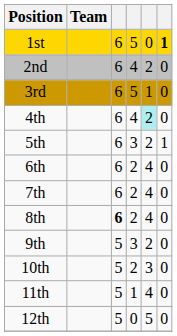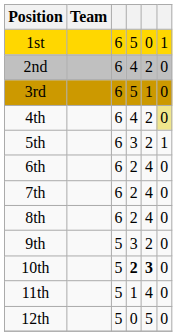 <table class="wikitable" style="text-align: center;">
 <tr>
 <th>Position</th>
 <th>Team</th>
 <th></th>
 <th></th>
 <th></th>
 <th></th>
 </tr>
 <tr bgcolor="gold">
 <td>1st</td>
 <td style="text-align:left;"></td>
 <td>6</td>
 <td>5</td>
 <td>0</td>
-<td><strong>1</strong></td>
+<td>1</td>
 </tr>
 <tr bgcolor="silver">
 <td>2nd</td>
 <td style="text-align:left;"></td>
 <td>6</td>
 <td>4</td>
 <td>2</td>
 <td>0</td>
 </tr>
 <tr bgcolor="cc9900">
 <td>3rd</td>
 <td style="text-align:left;"></td>
 <td>6</td>
 <td>5</td>
 <td>1</td>
 <td>0</td>
 </tr>
 <tr>
 <td>4th</td>
 <td style="text-align:left;"></td>
 <td>6</td>
 <td>4</td>
-<td style="background: paleturquoise;">2</td>
-<td>0</td>
+<td>2</td>
+<td style="background: khaki;">0</td>
 </tr>
 <tr>
 <td>5th</td>
 <td style="text-align:left;"></td>
 <td>6</td>
 <td>3</td>
 <td>2</td>
 <td>1</td>
 </tr>
 <tr>
 <td>6th</td>
 <td style="text-align:left;"></td>
 <td>6</td>
 <td>2</td>
 <td>4</td>
 <td>0</td>
 </tr>
 <tr>
 <td>7th</td>
 <td style="text-align:left;"></td>
 <td>6</td>
 <td>2</td>
 <td>4</td>
 <td>0</td>
 </tr>
 <tr>
 <td>8th</td>
 <td style="text-align:left;"></td>
-<td><strong>6</strong></td>
+<td>6</td>
 <td>2</td>
 <td>4</td>
 <td>0</td>
 </tr>
 <tr>
 <td>9th</td>
 <td style="text-align:left;"></td>
 <td>5</td>
 <td>3</td>
 <td>2</td>
 <td>0</td>
 </tr>
 <tr>
 <td>10th</td>
 <td style="text-align:left;"></td>
 <td>5</td>
-<td>2</td>
-<td>3</td>
+<td><strong>2</strong></td>
+<td><strong>3</strong></td>
 <td>0</td>
 </tr>
 <tr>
 <td>11th</td>
 <td style="text-align:left;"></td>
 <td>5</td>
 <td>1</td>
 <td>4</td>
 <td>0</td>
 </tr>
 <tr>
 <td>12th</td>
 <td style="text-align:left;"></td>
 <td>5</td>
 <td>0</td>
 <td>5</td>
 <td>0</td>
 </tr>
 <tr>
 </tr>
 </table>
